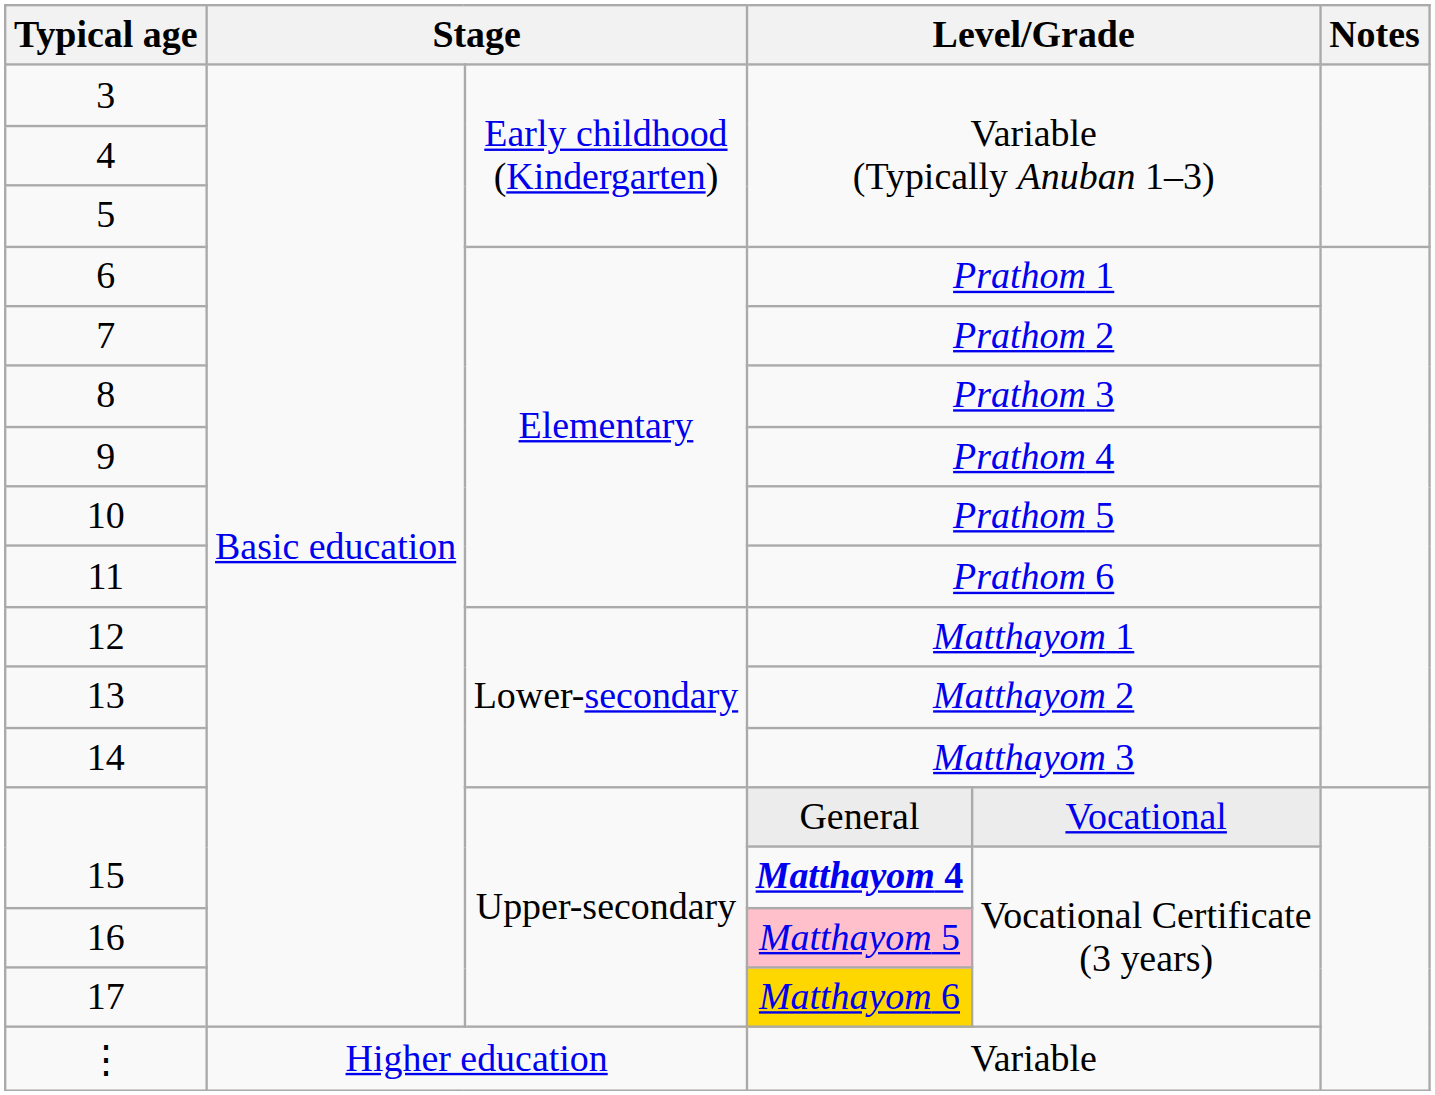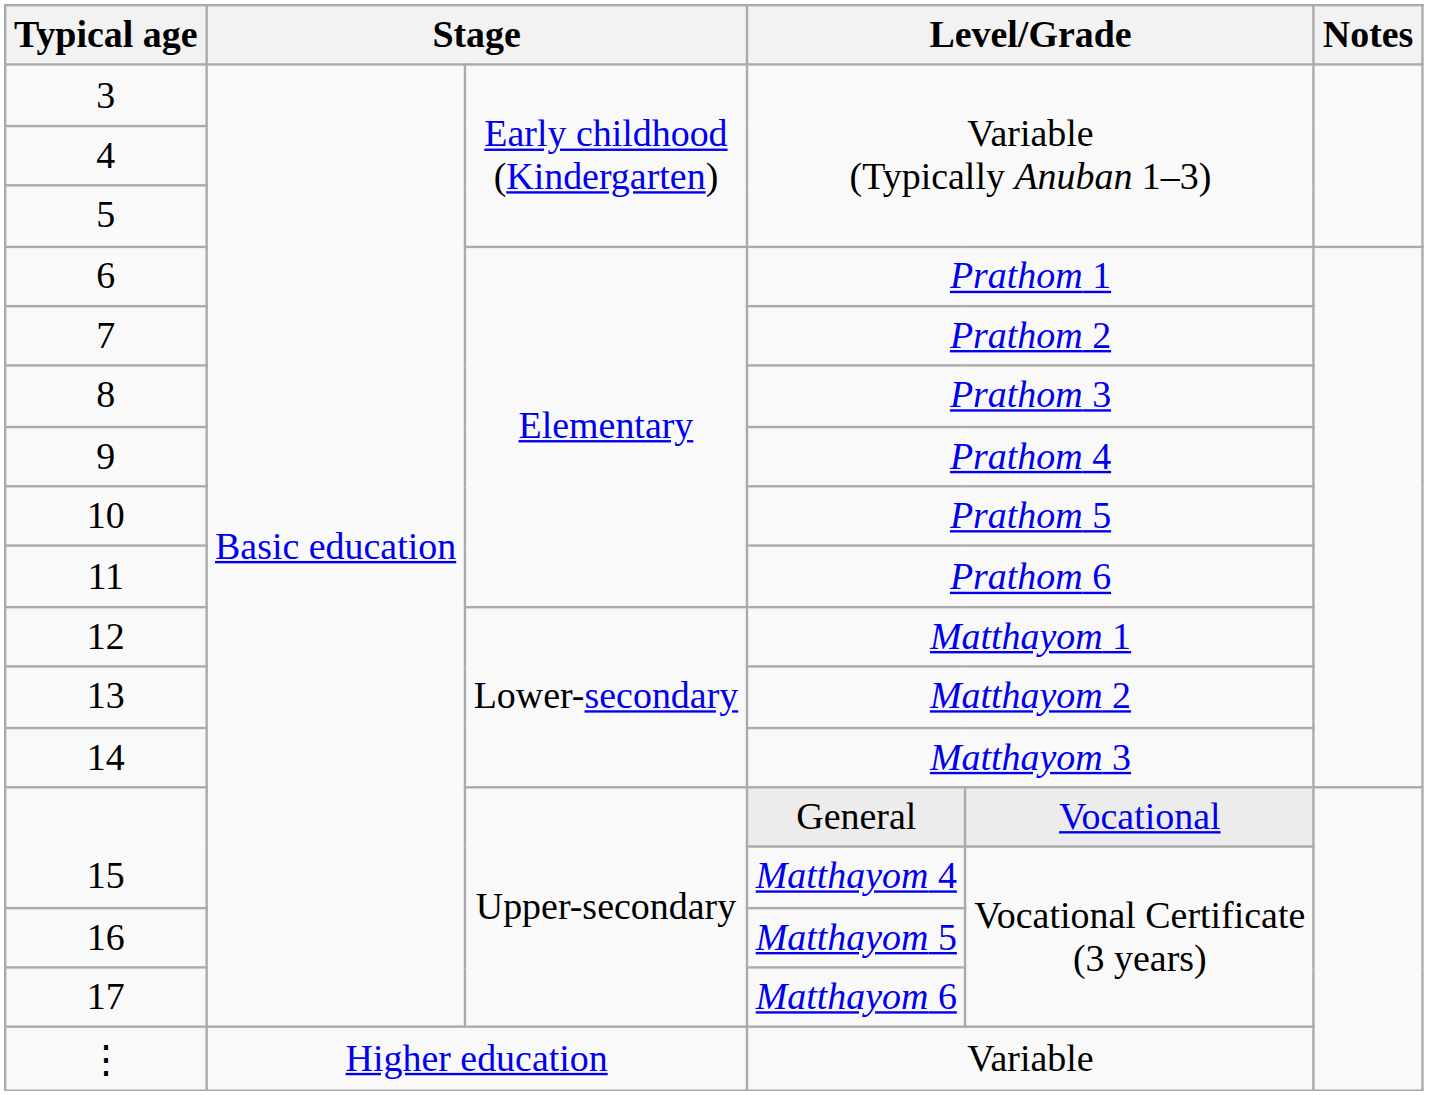 <table class="wikitable" style="text-align:center; vertical-align:middle;">
 <tr>
 <th>Typical age</th>
 <th colspan="2">Stage</th>
 <th colspan="2">Level/Grade</th>
 <th>Notes</th>
 </tr>
 <tr>
 <td>3</td>
 <td rowspan="16"><a href='#'>Basic education</a></td>
 <td rowspan="3"><a href='#'>Early childhood</a> <br>(<a href='#'>Kindergarten</a>)</td>
 <td rowspan="3" colspan="2">Variable <br>(Typically <em>Anuban</em> 1–3)</td>
 <td rowspan="3"></td>
 </tr>
 <tr>
 <td>4</td>
 </tr>
 <tr>
 <td>5</td>
 </tr>
 <tr>
 <td>6</td>
 <td rowspan="6"><a href='#'>Elementary</a></td>
 <td colspan="2"><a href='#'><em>Prathom</em> 1</a></td>
 <td rowspan="9"></td>
 </tr>
 <tr>
 <td>7</td>
 <td colspan="2"><a href='#'><em>Prathom</em> 2</a></td>
 </tr>
 <tr>
 <td>8</td>
 <td colspan="2"><a href='#'><em>Prathom</em> 3</a></td>
 </tr>
 <tr>
 <td>9</td>
 <td colspan="2"><a href='#'><em>Prathom</em> 4</a></td>
 </tr>
 <tr>
 <td>10</td>
 <td colspan="2"><a href='#'><em>Prathom</em> 5</a></td>
 </tr>
 <tr>
 <td>11</td>
 <td colspan="2"><a href='#'><em>Prathom</em> 6</a></td>
 </tr>
 <tr>
 <td>12</td>
 <td rowspan="3">Lower-<a href='#'>secondary</a></td>
 <td colspan="2"><a href='#'><em>Matthayom</em> 1</a></td>
 </tr>
 <tr>
 <td>13</td>
 <td colspan="2"><a href='#'><em>Matthayom</em> 2</a></td>
 </tr>
 <tr>
 <td>14</td>
 <td colspan="2"><a href='#'><em>Matthayom</em> 3</a></td>
 </tr>
 <tr>
 <td style="border-bottom:none;"></td>
 <td rowspan="4">Upper-secondary</td>
 <td style="background: #ececec;">General</td>
 <td style="background: #ececec;"><a href='#'>Vocational</a></td>
 <td rowspan="5"></td>
 </tr>
 <tr>
 <td style="border-top:none;">15</td>
-<td><strong><a href='#'><em>Matthayom</em> 4</a></strong></td>
+<td><a href='#'><em>Matthayom</em> 4</a></td>
 <td rowspan="3">Vocational Certificate <br>(3 years)</td>
 </tr>
 <tr>
 <td>16</td>
-<td style="background: pink;"><a href='#'><em>Matthayom</em> 5</a></td>
+<td><a href='#'><em>Matthayom</em> 5</a></td>
 </tr>
 <tr>
 <td>17</td>
-<td style="background: gold;"><a href='#'><em>Matthayom</em> 6</a></td>
+<td><a href='#'><em>Matthayom</em> 6</a></td>
 </tr>
 <tr>
 <td>⋮</td>
 <td colspan="2"><a href='#'>Higher education</a></td>
 <td colspan="2">Variable</td>
 </tr>
 </table>
